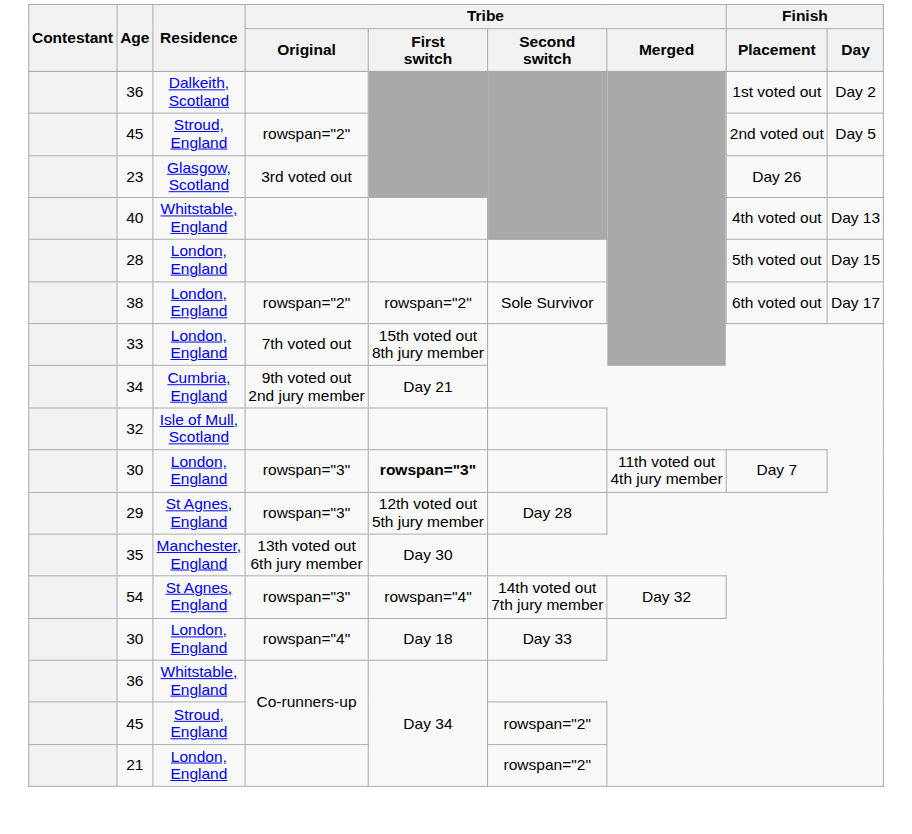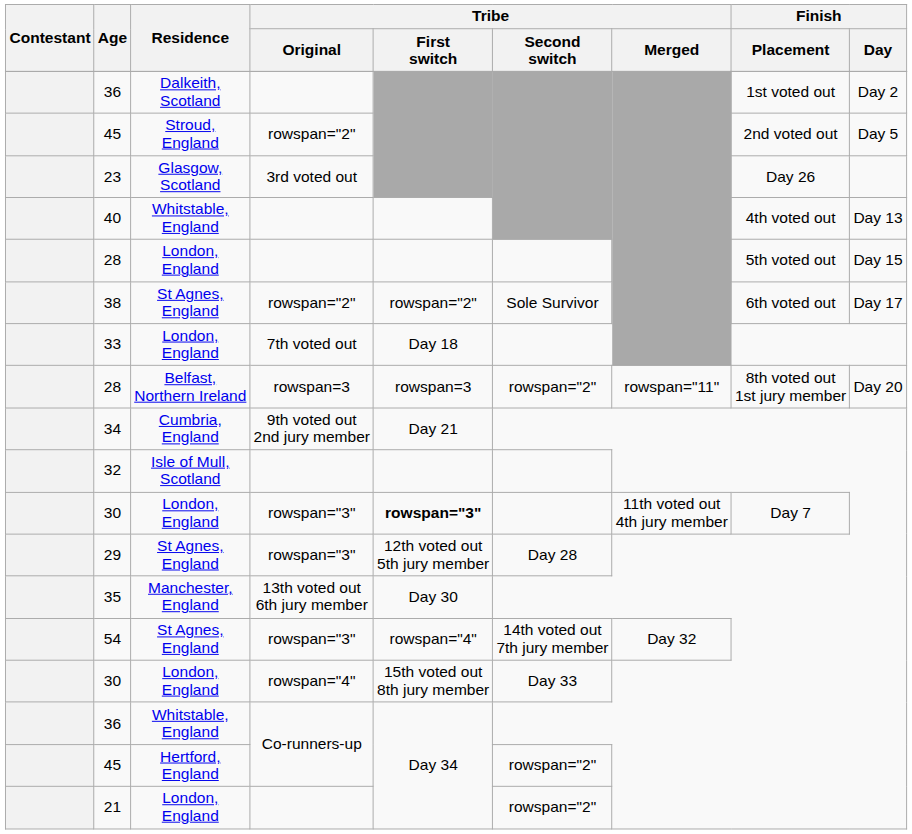 <table class="wikitable sortable" style="margin:auto; text-align:center">
 <tr>
 <th rowspan="2" scope="col">Contestant</th>
 <th rowspan="2" scope="col">Age</th>
 <th rowspan="2" scope="col" class=unsortable>Residence</th>
 <th colspan="4" scope="colgroup">Tribe</th>
 <th colspan="2" scope="colgroup">Finish</th>
 </tr>
 <tr>
 <th scope="col">Original</th>
 <th scope="col">First<br>switch</th>
 <th scope="col">Second<br>switch</th>
 <th scope="col" class=unsortable>Merged</th>
 <th scope="col" class=unsortable>Placement</th>
 <th scope="col" class=unsortable>Day</th>
 </tr>
 <tr>
 </tr>
 <tr>
 <th scope="row" style=text-align:left></th>
 <td>36</td>
 <td><a href='#'>Dalkeith,<br>Scotland</a></td>
 <td></td>
 <td rowspan="3" style="background:darkgray; border:none;"></td>
 <td rowspan="4" style="background:darkgray; border:none;"></td>
 <td rowspan="7" style="background:darkgray; border:none;"></td>
 <td>1st voted out</td>
 <td>Day 2</td>
 </tr>
 <tr>
 <th scope="row" style=text-align:left></th>
 <td>45</td>
 <td><a href='#'>Stroud,<br>England</a></td>
 <td>rowspan="2" </td>
 <td>2nd voted out</td>
 <td>Day 5</td>
 </tr>
 <tr>
 <th scope="row" style="text-align:left"></th>
 <td>23</td>
 <td><a href='#'>Glasgow,<br>Scotland</a></td>
 <td>3rd voted out</td>
 <td>Day 26</td>
 </tr>
 <tr>
 <th scope="row" style=text-align:left></th>
 <td>40</td>
 <td><a href='#'>Whitstable,<br>England</a></td>
 <td></td>
 <td></td>
 <td>4th voted out</td>
 <td>Day 13</td>
 </tr>
 <tr>
 <th scope="row" style=text-align:left></th>
 <td>28</td>
 <td><a href='#'>London,<br>England</a></td>
 <td></td>
 <td></td>
 <td></td>
 <td>5th voted out</td>
 <td>Day 15</td>
 </tr>
 <tr>
 <th scope="row" style=text-align:left></th>
 <td>38</td>
-<td><a href='#'>London,<br>England</a></td>
+<td><a href='#'>St Agnes,<br>England</a></td>
 <td>rowspan="2" </td>
 <td>rowspan="2" </td>
 <td>Sole Survivor</td>
 <td>6th voted out</td>
 <td>Day 17</td>
 </tr>
 <tr>
 <th scope="row" style=text-align:left></th>
 <td>33</td>
 <td><a href='#'>London,<br>England</a></td>
 <td>7th voted out</td>
-<td>15th voted out<br>8th jury member</td>
+<td>Day 18</td>
+</tr>
+<tr>
+<th scope="row" style=text-align:left></th>
+<td>28</td>
+<td><a href='#'>Belfast,<br>Northern Ireland</a></td>
+<td>rowspan=3 </td>
+<td>rowspan=3 </td>
+<td>rowspan="2" </td>
+<td>rowspan="11" </td>
+<td>8th voted out<br>1st jury member</td>
+<td>Day 20</td>
 </tr>
 <tr>
 <th scope="row" style=text-align:left></th>
 <td>34</td>
 <td><a href='#'>Cumbria,<br>England</a></td>
 <td>9th voted out<br>2nd jury member</td>
 <td>Day 21</td>
 </tr>
 <tr>
 <th scope="row" style="text-align:left"></th>
 <td>32</td>
 <td><a href='#'>Isle of Mull,<br>Scotland</a></td>
 <td></td>
 <td></td>
 <td></td>
 </tr>
 <tr>
 <th scope="row" style="text-align:left"></th>
 <td>30</td>
 <td><a href='#'>London,<br>England</a></td>
 <td>rowspan="3" </td>
 <td><strong>rowspan="3" </strong></td>
 <td></td>
 <td>11th voted out<br>4th jury member</td>
 <td>Day 7</td>
 </tr>
 <tr>
 <th scope="row" style=text-align:left></th>
 <td>29</td>
 <td><a href='#'>St Agnes,<br>England</a></td>
 <td>rowspan="3" </td>
 <td>12th voted out<br>5th jury member</td>
 <td>Day 28</td>
 </tr>
 <tr>
 <th scope="row" style=text-align:left></th>
 <td>35</td>
 <td><a href='#'>Manchester,<br>England</a></td>
 <td>13th voted out<br>6th jury member</td>
 <td>Day 30</td>
 </tr>
 <tr>
 <th scope="row" style="text-align:left"><br></th>
 <td>54</td>
 <td><a href='#'>St Agnes,<br>England</a></td>
 <td>rowspan="3" </td>
 <td>rowspan="4" </td>
 <td>14th voted out<br>7th jury member</td>
 <td>Day 32</td>
 </tr>
 <tr>
 <th scope="row" style=text-align:left></th>
 <td>30</td>
 <td><a href='#'>London,<br>England</a></td>
 <td>rowspan="4" </td>
-<td>Day 18</td>
+<td>15th voted out<br>8th jury member</td>
 <td>Day 33</td>
 </tr>
 <tr>
 <th scope="row" style=text-align:left></th>
 <td>36</td>
 <td><a href='#'>Whitstable,<br>England</a></td>
 <td rowspan="2">Co-runners-up</td>
 <td rowspan="3">Day 34</td>
 </tr>
 <tr>
 <th scope="row" style="text-align:left"></th>
 <td>45</td>
-<td><a href='#'>Stroud,<br>England</a></td>
+<td><a href='#'>Hertford,<br>England</a></td>
 <td>rowspan="2" </td>
 </tr>
 <tr>
 <th scope="row" style=text-align:left></th>
 <td>21</td>
 <td><a href='#'>London,<br>England</a></td>
 <td></td>
 <td>rowspan="2" </td>
 </tr>
 </table>
